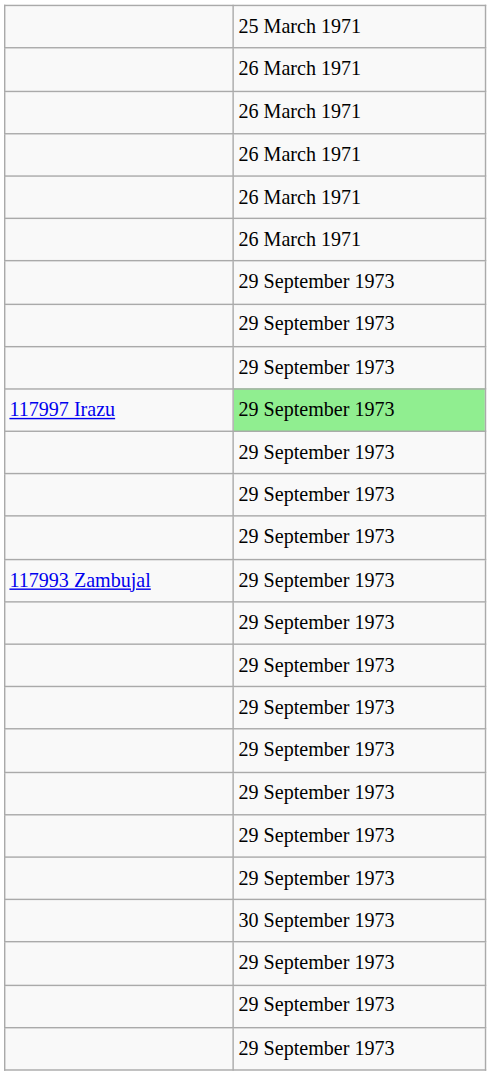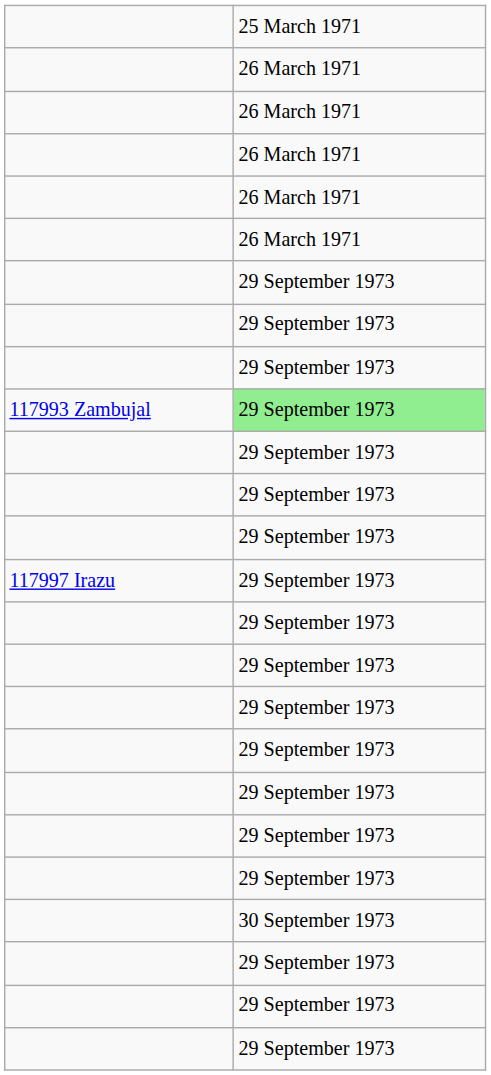 <table class="wikitable" style="font-size: 89%; float: left; width: 24em; margin-right: 1em; line-height: 1.65em">
 <tr>
 <td></td>
 <td>25 March 1971</td>
 </tr>
 <tr>
 <td></td>
 <td>26 March 1971</td>
 </tr>
 <tr>
 <td></td>
 <td>26 March 1971</td>
 </tr>
 <tr>
 <td></td>
 <td>26 March 1971</td>
 </tr>
 <tr>
 <td></td>
 <td>26 March 1971</td>
 </tr>
 <tr>
 <td></td>
 <td>26 March 1971</td>
 </tr>
 <tr>
 <td></td>
 <td>29 September 1973</td>
 </tr>
 <tr>
 <td></td>
 <td>29 September 1973</td>
 </tr>
 <tr>
 <td></td>
 <td>29 September 1973</td>
 </tr>
 <tr>
-<td><a href='#'>117997 Irazu</a></td>
+<td><a href='#'>117993 Zambujal</a></td>
 <td style="background: lightgreen;">29 September 1973</td>
 </tr>
 <tr>
 <td></td>
 <td>29 September 1973</td>
 </tr>
 <tr>
 <td></td>
 <td>29 September 1973</td>
 </tr>
 <tr>
 <td></td>
 <td>29 September 1973</td>
 </tr>
 <tr>
-<td><a href='#'>117993 Zambujal</a></td>
+<td><a href='#'>117997 Irazu</a></td>
 <td>29 September 1973</td>
 </tr>
 <tr>
 <td></td>
 <td>29 September 1973</td>
 </tr>
 <tr>
 <td></td>
 <td>29 September 1973</td>
 </tr>
 <tr>
 <td></td>
 <td>29 September 1973</td>
 </tr>
 <tr>
 <td></td>
 <td>29 September 1973</td>
 </tr>
 <tr>
 <td></td>
 <td>29 September 1973</td>
 </tr>
 <tr>
 <td></td>
 <td>29 September 1973</td>
 </tr>
 <tr>
 <td></td>
 <td>29 September 1973</td>
 </tr>
 <tr>
 <td></td>
 <td>30 September 1973</td>
 </tr>
 <tr>
 <td></td>
 <td>29 September 1973</td>
 </tr>
 <tr>
 <td></td>
 <td>29 September 1973</td>
 </tr>
 <tr>
 <td></td>
 <td>29 September 1973</td>
 </tr>
 </table>
